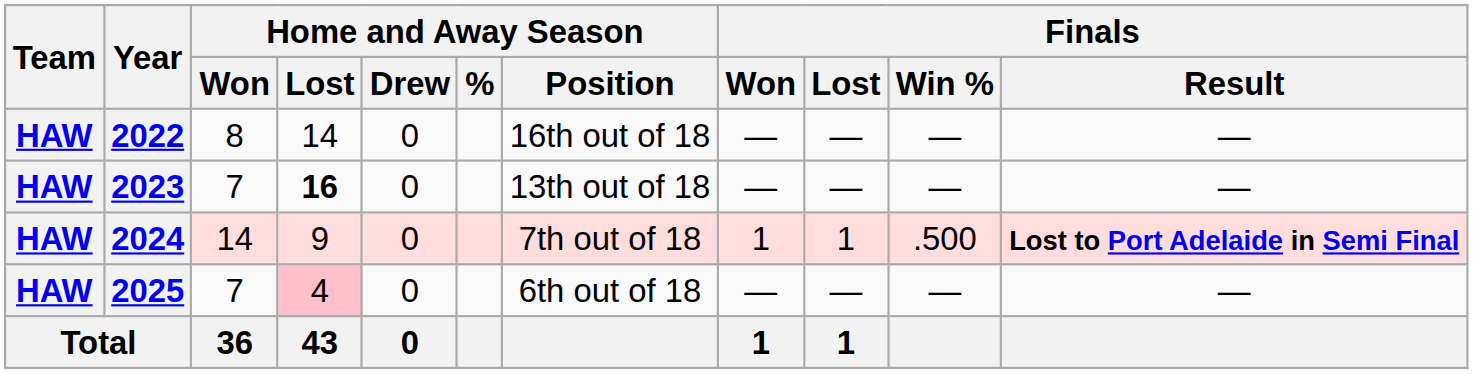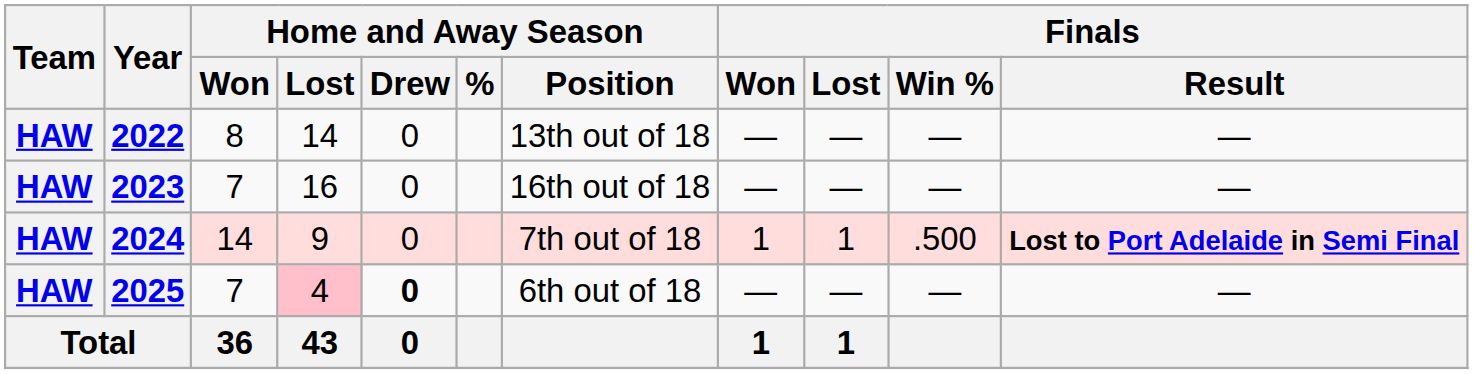 <table class="wikitable" style="font-size: 95%; text-align:center;">
 <tr>
 <th rowspan="2">Team</th>
 <th rowspan="2">Year</th>
 <th colspan="5">Home and Away Season</th>
 <th colspan="4">Finals</th>
 </tr>
 <tr>
 <th>Won</th>
 <th>Lost</th>
 <th>Drew</th>
 <th>%</th>
 <th>Position</th>
 <th>Won</th>
 <th>Lost</th>
 <th>Win %</th>
 <th>Result</th>
 </tr>
 <tr>
 <th><a href='#'>HAW</a></th>
 <th><a href='#'>2022</a></th>
 <td>8</td>
 <td>14</td>
 <td>0</td>
 <td></td>
-<td>16th out of 18</td>
+<td>13th out of 18</td>
 <td>—</td>
 <td>—</td>
 <td>—</td>
 <td>—</td>
 </tr>
 <tr>
 <th><a href='#'>HAW</a></th>
 <th><a href='#'>2023</a></th>
 <td>7</td>
-<td><strong>16</strong></td>
+<td>16</td>
 <td>0</td>
 <td></td>
-<td>13th out of 18</td>
+<td>16th out of 18</td>
 <td>—</td>
 <td>—</td>
 <td>—</td>
 <td>—</td>
 </tr>
 <tr ! style="background:#fdd;">
 <th><a href='#'>HAW</a></th>
 <th><a href='#'>2024</a></th>
 <td>14</td>
 <td>9</td>
 <td>0</td>
 <td></td>
 <td>7th out of 18</td>
 <td>1</td>
 <td>1</td>
 <td>.500</td>
 <td><small><strong>Lost to <a href='#'>Port Adelaide</a> in <a href='#'>Semi Final</a></strong></small></td>
 </tr>
 <tr>
 <th><a href='#'>HAW</a></th>
 <th><a href='#'>2025</a></th>
 <td>7</td>
 <td style="background: pink;">4</td>
-<td>0</td>
+<td><strong>0</strong></td>
 <td></td>
 <td>6th out of 18</td>
 <td>—</td>
 <td>—</td>
 <td>—</td>
 <td>—</td>
 </tr>
 <tr !>
 <th colspan="2">Total</th>
 <th>36</th>
 <th>43</th>
 <th>0</th>
 <th></th>
 <th></th>
 <th>1</th>
 <th>1</th>
 <th></th>
 <th></th>
 </tr>
 <tr>
 </tr>
 </table>
